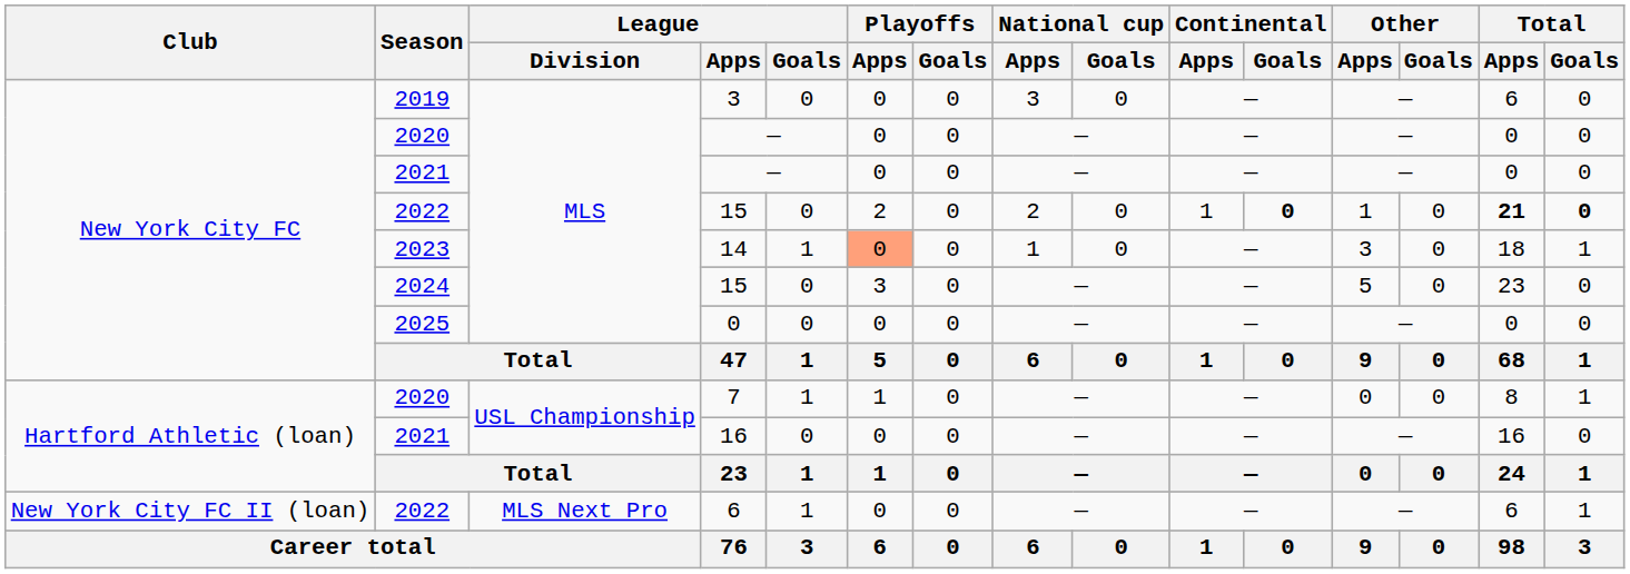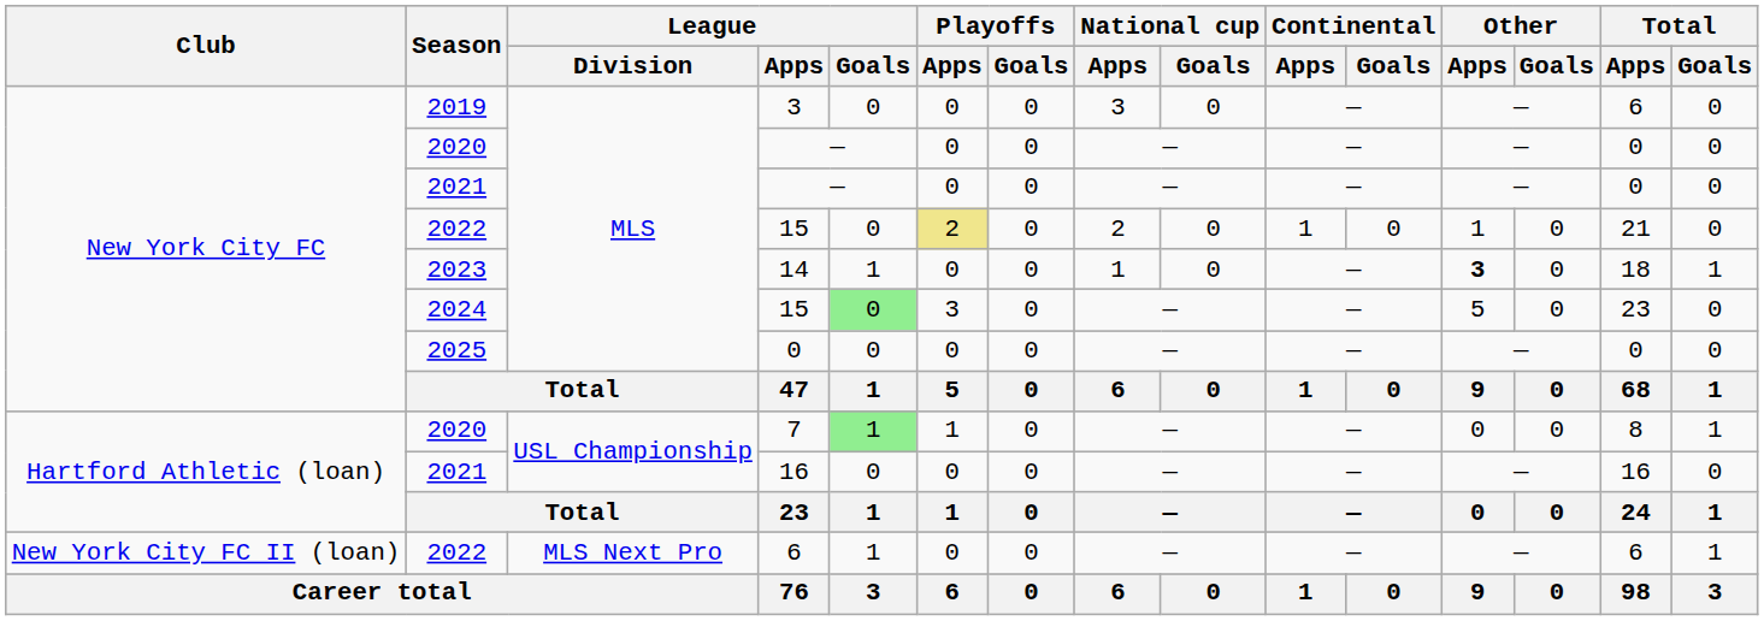 <table class="wikitable" style="text-align:center">
 <tr>
 <th rowspan="2">Club</th>
 <th rowspan="2">Season</th>
 <th colspan="3">League</th>
 <th colspan="2">Playoffs</th>
 <th colspan="2">National cup</th>
 <th colspan="2">Continental</th>
 <th colspan="2">Other</th>
 <th colspan="2">Total</th>
 </tr>
 <tr>
 <th>Division</th>
 <th>Apps</th>
 <th>Goals</th>
 <th>Apps</th>
 <th>Goals</th>
 <th>Apps</th>
 <th>Goals</th>
 <th>Apps</th>
 <th>Goals</th>
 <th>Apps</th>
 <th>Goals</th>
 <th>Apps</th>
 <th>Goals</th>
 </tr>
 <tr>
 <td rowspan="8"><a href='#'>New York City FC</a></td>
 <td><a href='#'>2019</a></td>
 <td rowspan="7"><a href='#'>MLS</a></td>
 <td>3</td>
 <td>0</td>
 <td>0</td>
 <td>0</td>
 <td>3</td>
 <td>0</td>
 <td colspan="2">—</td>
 <td colspan="2">—</td>
 <td>6</td>
 <td>0</td>
 </tr>
 <tr>
 <td><a href='#'>2020</a></td>
 <td colspan="2">—</td>
 <td>0</td>
 <td>0</td>
 <td colspan="2">—</td>
 <td colspan="2">—</td>
 <td colspan="2">—</td>
 <td>0</td>
 <td>0</td>
 </tr>
 <tr>
 <td><a href='#'>2021</a></td>
 <td colspan="2">—</td>
 <td>0</td>
 <td>0</td>
 <td colspan="2">—</td>
 <td colspan="2">—</td>
 <td colspan="2">—</td>
 <td>0</td>
 <td>0</td>
 </tr>
 <tr>
 <td><a href='#'>2022</a></td>
 <td>15</td>
 <td>0</td>
-<td>2</td>
+<td style="background: khaki;">2</td>
 <td>0</td>
 <td>2</td>
 <td>0</td>
 <td>1</td>
-<td><strong>0</strong></td>
+<td>0</td>
 <td>1</td>
 <td>0</td>
-<td><strong>21</strong></td>
-<td><strong>0</strong></td>
+<td>21</td>
+<td>0</td>
 </tr>
 <tr>
 <td><a href='#'>2023</a></td>
 <td>14</td>
 <td>1</td>
-<td style="background: lightsalmon;">0</td>
+<td>0</td>
 <td>0</td>
 <td>1</td>
 <td>0</td>
 <td colspan="2">—</td>
-<td>3</td>
+<td><strong>3</strong></td>
 <td>0</td>
 <td>18</td>
 <td>1</td>
 </tr>
 <tr>
 <td><a href='#'>2024</a></td>
 <td>15</td>
-<td>0</td>
+<td style="background: lightgreen;">0</td>
 <td>3</td>
 <td>0</td>
 <td colspan="2">—</td>
 <td colspan="2">—</td>
 <td>5</td>
 <td>0</td>
 <td>23</td>
 <td>0</td>
 </tr>
 <tr>
 <td><a href='#'>2025</a></td>
 <td>0</td>
 <td>0</td>
 <td>0</td>
 <td>0</td>
 <td colspan="2">—</td>
 <td colspan="2">—</td>
 <td colspan="2">—</td>
 <td>0</td>
 <td>0</td>
 </tr>
 <tr>
 <th colspan="2">Total</th>
 <th>47</th>
 <th>1</th>
 <th>5</th>
 <th>0</th>
 <th>6</th>
 <th>0</th>
 <th>1</th>
 <th>0</th>
 <th>9</th>
 <th>0</th>
 <th>68</th>
 <th>1</th>
 </tr>
 <tr>
 <td rowspan="3"><a href='#'>Hartford Athletic</a> (loan)</td>
 <td><a href='#'>2020</a></td>
 <td rowspan="2"><a href='#'>USL Championship</a></td>
 <td>7</td>
-<td>1</td>
+<td style="background: lightgreen;">1</td>
 <td>1</td>
 <td>0</td>
 <td colspan="2">—</td>
 <td colspan="2">—</td>
 <td>0</td>
 <td>0</td>
 <td>8</td>
 <td>1</td>
 </tr>
 <tr>
 <td><a href='#'>2021</a></td>
 <td>16</td>
 <td>0</td>
 <td>0</td>
 <td>0</td>
 <td colspan="2">—</td>
 <td colspan="2">—</td>
 <td colspan="2">—</td>
 <td>16</td>
 <td>0</td>
 </tr>
 <tr>
 <th colspan="2">Total</th>
 <th>23</th>
 <th>1</th>
 <th>1</th>
 <th>0</th>
 <th colspan="2">—</th>
 <th colspan="2">—</th>
 <th>0</th>
 <th>0</th>
 <th>24</th>
 <th>1</th>
 </tr>
 <tr>
 <td rowspan="1"><a href='#'>New York City FC II</a> (loan)</td>
 <td><a href='#'>2022</a></td>
 <td rowspan="1"><a href='#'>MLS Next Pro</a></td>
 <td>6</td>
 <td>1</td>
 <td>0</td>
 <td>0</td>
 <td colspan="2">—</td>
 <td colspan="2">—</td>
 <td colspan="2">—</td>
 <td>6</td>
 <td>1</td>
 </tr>
 <tr>
 <th colspan="3">Career total</th>
 <th>76</th>
 <th>3</th>
 <th>6</th>
 <th>0</th>
 <th>6</th>
 <th>0</th>
 <th>1</th>
 <th>0</th>
 <th>9</th>
 <th>0</th>
 <th>98</th>
 <th>3</th>
 </tr>
 </table>
